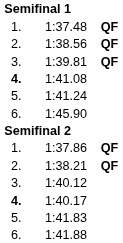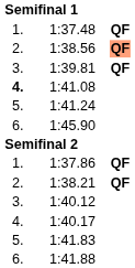 <table style="text-align:center">
 <tr>
 <td colspan=4 align=left><strong>Semifinal 1</strong></td>
 </tr>
 <tr>
 <td width=30>1.</td>
 <td align=left></td>
 <td width=80>1:37.48</td>
 <td><strong>QF</strong></td>
 </tr>
 <tr>
 <td>2.</td>
 <td align=left></td>
 <td>1:38.56</td>
-<td><strong>QF</strong></td>
+<td style="background: lightsalmon;"><strong>QF</strong></td>
 </tr>
 <tr>
 <td>3.</td>
 <td align=left></td>
 <td>1:39.81</td>
 <td><strong>QF</strong></td>
 </tr>
 <tr>
 <td><strong>4.</strong></td>
 <td align=left></td>
 <td>1:41.08</td>
 <td></td>
 </tr>
 <tr>
 <td>5.</td>
 <td align=left></td>
 <td>1:41.24</td>
 <td></td>
 </tr>
 <tr>
 <td>6.</td>
 <td align=left></td>
 <td>1:45.90</td>
 <td></td>
 </tr>
 <tr>
 <td colspan=4 align=left><strong>Semifinal 2</strong></td>
 </tr>
 <tr>
 <td width=30>1.</td>
 <td align=left></td>
 <td width=80>1:37.86</td>
 <td><strong>QF</strong></td>
 </tr>
 <tr>
 <td>2.</td>
 <td align=left></td>
 <td>1:38.21</td>
 <td><strong>QF</strong></td>
 </tr>
 <tr>
 <td>3.</td>
 <td align=left></td>
 <td>1:40.12</td>
 <td></td>
 </tr>
 <tr>
-<td><strong>4.</strong></td>
+<td>4.</td>
 <td align=left></td>
 <td>1:40.17</td>
 <td></td>
 </tr>
 <tr>
 <td>5.</td>
 <td align=left></td>
 <td>1:41.83</td>
 <td></td>
 </tr>
 <tr>
 <td>6.</td>
 <td align=left></td>
 <td>1:41.88</td>
 <td></td>
 </tr>
 </table>
